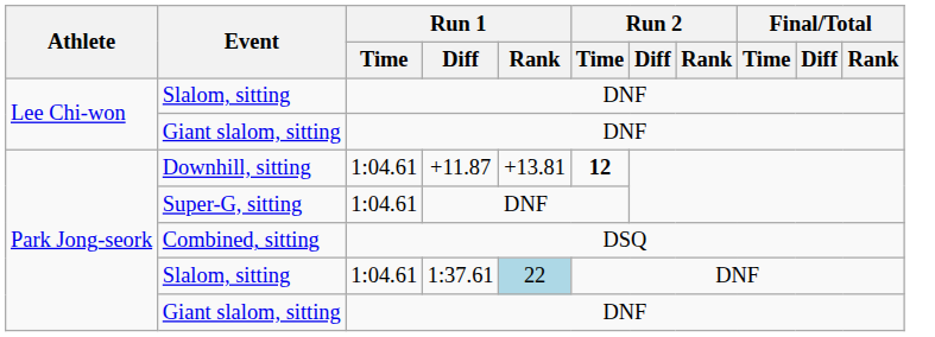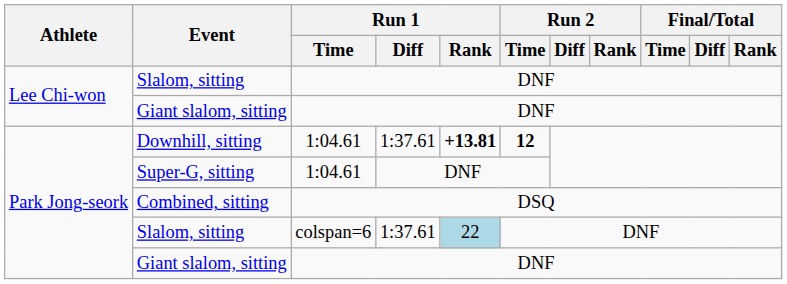 <table class="wikitable" style="font-size:90%">
 <tr>
 <th rowspan="2">Athlete</th>
 <th rowspan="2">Event</th>
 <th colspan="3">Run 1</th>
 <th colspan="3">Run 2</th>
 <th colspan="3">Final/Total</th>
 </tr>
 <tr>
 <th>Time</th>
 <th>Diff</th>
 <th>Rank</th>
 <th>Time</th>
 <th>Diff</th>
 <th>Rank</th>
 <th>Time</th>
 <th>Diff</th>
 <th>Rank</th>
 </tr>
 <tr>
 <td rowspan=2><a href='#'>Lee Chi-won</a></td>
 <td><a href='#'>Slalom, sitting</a></td>
 <td align="center" colspan=9>DNF</td>
 </tr>
 <tr>
 <td><a href='#'>Giant slalom, sitting</a></td>
 <td align="center" colspan=9>DNF</td>
 </tr>
 <tr>
 <td rowspan=5><a href='#'>Park Jong-seork</a></td>
 <td><a href='#'>Downhill, sitting</a></td>
 <td align="center">1:04.61</td>
-<td align="center">+11.87</td>
-<td align="center">+13.81</td>
+<td align="center">1:37.61</td>
+<td align="center"><strong>+13.81</strong></td>
 <td align="center"><strong>12</strong></td>
 </tr>
 <tr>
 <td><a href='#'>Super-G, sitting</a></td>
 <td align="center">1:04.61</td>
 <td align="center" colspan=3>DNF</td>
 </tr>
 <tr>
 <td><a href='#'>Combined, sitting</a></td>
 <td align="center" colspan=9>DSQ</td>
 </tr>
 <tr>
 <td><a href='#'>Slalom, sitting</a></td>
-<td align="center">1:04.61</td>
+<td>colspan=6 </td>
 <td align="center">1:37.61</td>
 <td align="center" style="background: lightblue;">22</td>
 <td align="center" colspan=6>DNF</td>
 </tr>
 <tr>
 <td><a href='#'>Giant slalom, sitting</a></td>
 <td align="center" colspan=9>DNF</td>
 </tr>
 </table>
